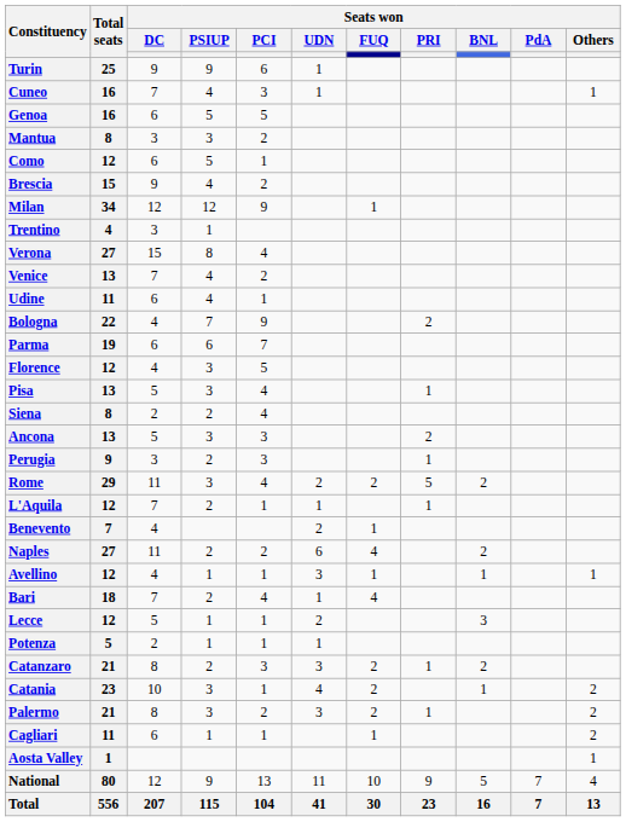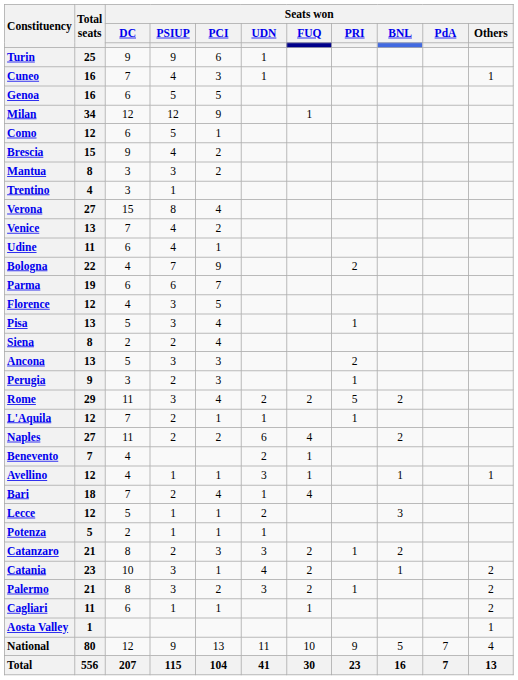 <table class="wikitable" style="text-align:center; font-size: 0.9em;">
 <tr>
 <th rowspan="3">Constituency</th>
 <th rowspan="3">Total<br>seats</th>
 <th colspan="9">Seats won</th>
 </tr>
 <tr>
 <th class="unsortable" style="width:50px;"><a href='#'>DC</a></th>
 <th class="unsortable" style="width:50px;"><a href='#'>PSIUP</a></th>
 <th class="unsortable" style="width:50px;"><a href='#'>PCI</a></th>
 <th class="unsortable" style="width:50px;"><a href='#'>UDN</a></th>
 <th class="unsortable" style="width:50px;"><a href='#'>FUQ</a></th>
 <th class="unsortable" style="width:50px;"><a href='#'>PRI</a></th>
 <th class="unsortable" style="width:50px;"><a href='#'>BNL</a></th>
 <th class="unsortable" style="width:50px;"><a href='#'>PdA</a></th>
 <th class="unsortable" style="width:50px;">Others</th>
 </tr>
 <tr>
 <th style="background:"></th>
 <th style="background:"></th>
 <th style="background:"></th>
 <th style="background:"></th>
 <th style="background-color:darkblue"></th>
 <th style="background:"></th>
 <th style="background-color:royalblue"></th>
 <th style="background:"></th>
 <th style="background:"></th>
 </tr>
 <tr>
 <th style="text-align: left;"><a href='#'>Turin</a></th>
 <th>25</th>
 <td>9</td>
 <td>9</td>
 <td>6</td>
 <td>1</td>
 <td></td>
 <td></td>
 <td></td>
 <td></td>
 <td></td>
 </tr>
 <tr>
 <th style="text-align: left;"><a href='#'>Cuneo</a></th>
 <th>16</th>
 <td>7</td>
 <td>4</td>
 <td>3</td>
 <td>1</td>
 <td></td>
 <td></td>
 <td></td>
 <td></td>
 <td>1</td>
 </tr>
 <tr>
 <th style="text-align: left;"><a href='#'>Genoa</a></th>
 <th>16</th>
 <td>6</td>
 <td>5</td>
 <td>5</td>
 <td></td>
 <td></td>
 <td></td>
 <td></td>
 <td></td>
 <td></td>
 </tr>
 <tr>
-<th style="text-align: left;"><a href='#'>Mantua</a></th>
-<th>8</th>
-<td>3</td>
-<td>3</td>
-<td>2</td>
+<th style="text-align: left;"><a href='#'>Milan</a></th>
+<th>34</th>
+<td>12</td>
+<td>12</td>
+<td>9</td>
 <td></td>
-<td></td>
+<td>1</td>
 <td></td>
 <td></td>
 <td></td>
 <td></td>
 </tr>
 <tr>
 <th style="text-align: left;"><a href='#'>Como</a></th>
 <th>12</th>
 <td>6</td>
 <td>5</td>
 <td>1</td>
 <td></td>
 <td></td>
 <td></td>
 <td></td>
 <td></td>
 <td></td>
 </tr>
 <tr>
 <th style="text-align: left;"><a href='#'>Brescia</a></th>
 <th>15</th>
 <td>9</td>
 <td>4</td>
 <td>2</td>
 <td></td>
 <td></td>
 <td></td>
 <td></td>
 <td></td>
 <td></td>
 </tr>
 <tr>
-<th style="text-align: left;"><a href='#'>Milan</a></th>
-<th>34</th>
-<td>12</td>
-<td>12</td>
-<td>9</td>
+<th style="text-align: left;"><a href='#'>Mantua</a></th>
+<th>8</th>
+<td>3</td>
+<td>3</td>
+<td>2</td>
 <td></td>
-<td>1</td>
+<td></td>
 <td></td>
 <td></td>
 <td></td>
 <td></td>
 </tr>
 <tr>
 <th style="text-align: left;"><a href='#'>Trentino</a></th>
 <th>4</th>
 <td>3</td>
 <td>1</td>
 <td></td>
 <td></td>
 <td></td>
 <td></td>
 <td></td>
 <td></td>
 <td></td>
 </tr>
 <tr>
 <th style="text-align: left;"><a href='#'>Verona</a></th>
 <th>27</th>
 <td>15</td>
 <td>8</td>
 <td>4</td>
 <td></td>
 <td></td>
 <td></td>
 <td></td>
 <td></td>
 <td></td>
 </tr>
 <tr>
 <th style="text-align: left;"><a href='#'>Venice</a></th>
 <th>13</th>
 <td>7</td>
 <td>4</td>
 <td>2</td>
 <td></td>
 <td></td>
 <td></td>
 <td></td>
 <td></td>
 <td></td>
 </tr>
 <tr>
 <th style="text-align: left;"><a href='#'>Udine</a></th>
 <th>11</th>
 <td>6</td>
 <td>4</td>
 <td>1</td>
 <td></td>
 <td></td>
 <td></td>
 <td></td>
 <td></td>
 <td></td>
 </tr>
 <tr>
 <th style="text-align: left;"><a href='#'>Bologna</a></th>
 <th>22</th>
 <td>4</td>
 <td>7</td>
 <td>9</td>
 <td></td>
 <td></td>
 <td>2</td>
 <td></td>
 <td></td>
 <td></td>
 </tr>
 <tr>
 <th style="text-align: left;"><a href='#'>Parma</a></th>
 <th>19</th>
 <td>6</td>
 <td>6</td>
 <td>7</td>
 <td></td>
 <td></td>
 <td></td>
 <td></td>
 <td></td>
 <td></td>
 </tr>
 <tr>
 <th style="text-align: left;"><a href='#'>Florence</a></th>
 <th>12</th>
 <td>4</td>
 <td>3</td>
 <td>5</td>
 <td></td>
 <td></td>
 <td></td>
 <td></td>
 <td></td>
 <td></td>
 </tr>
 <tr>
 <th style="text-align: left;"><a href='#'>Pisa</a></th>
 <th>13</th>
 <td>5</td>
 <td>3</td>
 <td>4</td>
 <td></td>
 <td></td>
 <td>1</td>
 <td></td>
 <td></td>
 <td></td>
 </tr>
 <tr>
 <th style="text-align: left;"><a href='#'>Siena</a></th>
 <th>8</th>
 <td>2</td>
 <td>2</td>
 <td>4</td>
 <td></td>
 <td></td>
 <td></td>
 <td></td>
 <td></td>
 <td></td>
 </tr>
 <tr>
 <th style="text-align: left;"><a href='#'>Ancona</a></th>
 <th>13</th>
 <td>5</td>
 <td>3</td>
 <td>3</td>
 <td></td>
 <td></td>
 <td>2</td>
 <td></td>
 <td></td>
 <td></td>
 </tr>
 <tr>
 <th style="text-align: left;"><a href='#'>Perugia</a></th>
 <th>9</th>
 <td>3</td>
 <td>2</td>
 <td>3</td>
 <td></td>
 <td></td>
 <td>1</td>
 <td></td>
 <td></td>
 <td></td>
 </tr>
 <tr>
 <th style="text-align: left;"><a href='#'>Rome</a></th>
 <th>29</th>
 <td>11</td>
 <td>3</td>
 <td>4</td>
 <td>2</td>
 <td>2</td>
 <td>5</td>
 <td>2</td>
 <td></td>
 <td></td>
 </tr>
 <tr>
 <th style="text-align: left;"><a href='#'>L'Aquila</a></th>
 <th>12</th>
 <td>7</td>
 <td>2</td>
 <td>1</td>
 <td>1</td>
 <td></td>
 <td>1</td>
 <td></td>
 <td></td>
 <td></td>
 </tr>
 <tr>
+<th style="text-align: left;"><a href='#'>Naples</a></th>
+<th>27</th>
+<td>11</td>
+<td>2</td>
+<td>2</td>
+<td>6</td>
+<td>4</td>
+<td></td>
+<td>2</td>
+<td></td>
+<td></td>
+</tr>
+<tr>
 <th style="text-align: left;"><a href='#'>Benevento</a></th>
 <th>7</th>
 <td>4</td>
 <td></td>
 <td></td>
 <td>2</td>
 <td>1</td>
 <td></td>
 <td></td>
-<td></td>
-<td></td>
-</tr>
-<tr>
-<th style="text-align: left;"><a href='#'>Naples</a></th>
-<th>27</th>
-<td>11</td>
-<td>2</td>
-<td>2</td>
-<td>6</td>
-<td>4</td>
-<td></td>
-<td>2</td>
 <td></td>
 <td></td>
 </tr>
 <tr>
 <th style="text-align: left;"><a href='#'>Avellino</a></th>
 <th>12</th>
 <td>4</td>
 <td>1</td>
 <td>1</td>
 <td>3</td>
 <td>1</td>
 <td></td>
 <td>1</td>
 <td></td>
 <td>1</td>
 </tr>
 <tr>
 <th style="text-align: left;"><a href='#'>Bari</a></th>
 <th>18</th>
 <td>7</td>
 <td>2</td>
 <td>4</td>
 <td>1</td>
 <td>4</td>
 <td></td>
 <td></td>
 <td></td>
 <td></td>
 </tr>
 <tr>
 <th style="text-align: left;"><a href='#'>Lecce</a></th>
 <th>12</th>
 <td>5</td>
 <td>1</td>
 <td>1</td>
 <td>2</td>
 <td></td>
 <td></td>
 <td>3</td>
 <td></td>
 <td></td>
 </tr>
 <tr>
 <th style="text-align: left;"><a href='#'>Potenza</a></th>
 <th>5</th>
 <td>2</td>
 <td>1</td>
 <td>1</td>
 <td>1</td>
 <td></td>
 <td></td>
 <td></td>
 <td></td>
 <td></td>
 </tr>
 <tr>
 <th style="text-align: left;"><a href='#'>Catanzaro</a></th>
 <th>21</th>
 <td>8</td>
 <td>2</td>
 <td>3</td>
 <td>3</td>
 <td>2</td>
 <td>1</td>
 <td>2</td>
 <td></td>
 <td></td>
 </tr>
 <tr>
 <th style="text-align: left;"><a href='#'>Catania</a></th>
 <th>23</th>
 <td>10</td>
 <td>3</td>
 <td>1</td>
 <td>4</td>
 <td>2</td>
 <td></td>
 <td>1</td>
 <td></td>
 <td>2</td>
 </tr>
 <tr>
 <th style="text-align: left;"><a href='#'>Palermo</a></th>
 <th>21</th>
 <td>8</td>
 <td>3</td>
 <td>2</td>
 <td>3</td>
 <td>2</td>
 <td>1</td>
 <td></td>
 <td></td>
 <td>2</td>
 </tr>
 <tr>
 <th style="text-align: left;"><a href='#'>Cagliari</a></th>
 <th>11</th>
 <td>6</td>
 <td>1</td>
 <td>1</td>
 <td></td>
 <td>1</td>
 <td></td>
 <td></td>
 <td></td>
 <td>2</td>
 </tr>
 <tr>
 <th style="text-align: left;"><a href='#'>Aosta Valley</a></th>
 <th>1</th>
 <td></td>
 <td></td>
 <td></td>
 <td></td>
 <td></td>
 <td></td>
 <td></td>
 <td></td>
 <td>1</td>
 </tr>
 <tr>
 <th style="text-align: left;">National</th>
 <th>80</th>
 <td>12</td>
 <td>9</td>
 <td>13</td>
 <td>11</td>
 <td>10</td>
 <td>9</td>
 <td>5</td>
 <td>7</td>
 <td>4</td>
 </tr>
 <tr>
 <th style="text-align: left;">Total</th>
 <th>556</th>
 <th>207</th>
 <th>115</th>
 <th>104</th>
 <th>41</th>
 <th>30</th>
 <th>23</th>
 <th>16</th>
 <th>7</th>
 <th>13</th>
 </tr>
 </table>
